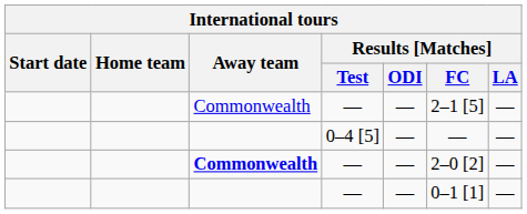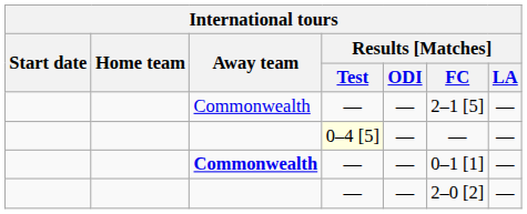 <table class="wikitable">
 <tr>
 <th colspan="7">International tours</th>
 </tr>
 <tr>
 <th rowspan="2">Start date</th>
 <th rowspan="2">Home team</th>
 <th rowspan="2">Away team</th>
 <th colspan="4">Results [Matches]</th>
 </tr>
 <tr>
 <th><a href='#'>Test</a></th>
 <th><a href='#'>ODI</a></th>
 <th><a href='#'>FC</a></th>
 <th><a href='#'>LA</a></th>
 </tr>
 <tr>
 <td><a href='#'></a></td>
 <td></td>
 <td><a href='#'>Commonwealth</a></td>
 <td ; style="text-align:center">—</td>
 <td ; style="text-align:center">—</td>
 <td>2–1 [5]</td>
 <td ; style="text-align:center">—</td>
 </tr>
 <tr>
 <td><a href='#'></a></td>
 <td></td>
 <td></td>
-<td>0–4 [5]</td>
+<td style="background: lightyellow;">0–4 [5]</td>
 <td ; style="text-align:center">—</td>
 <td ; style="text-align:center">—</td>
 <td ; style="text-align:center">—</td>
 </tr>
 <tr>
 <td><a href='#'></a></td>
 <td></td>
 <td><strong><a href='#'>Commonwealth</a></strong></td>
 <td ; style="text-align:center">—</td>
 <td ; style="text-align:center">—</td>
-<td>2–0 [2]</td>
+<td>0–1 [1]</td>
 <td ; style="text-align:center">—</td>
 </tr>
 <tr>
 <td><a href='#'></a></td>
 <td></td>
 <td></td>
 <td ; style="text-align:center">—</td>
 <td ; style="text-align:center">—</td>
-<td>0–1 [1]</td>
+<td>2–0 [2]</td>
 <td ; style="text-align:center">—</td>
 </tr>
 </table>
